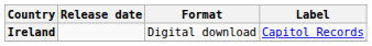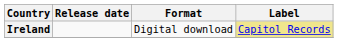 <table class="wikitable plainrowheaders">
 <tr>
 <th scope="col">Country</th>
 <th scope="col">Release date</th>
 <th scope="col">Format</th>
 <th scope="col">Label</th>
 </tr>
 <tr>
 <th scope="row">Ireland</th>
 <td></td>
 <td>Digital download</td>
-<td><a href='#'>Capitol Records</a></td>
+<td style="background: khaki;"><a href='#'>Capitol Records</a></td>
 </tr>
 <tr>
 </tr>
 </table>
